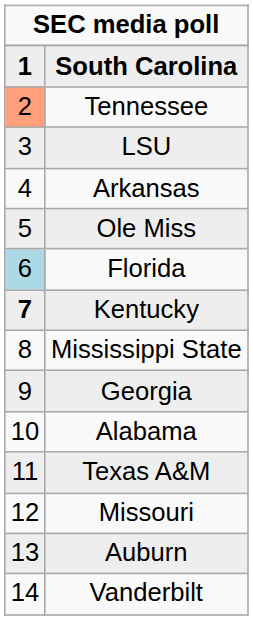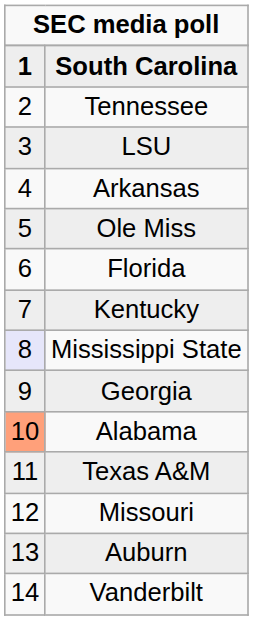 <table class="wikitable" style="display: inline-table;">
 <tr>
 <td align="center" Colspan="3"><strong>SEC media poll</strong></td>
 </tr>
 <tr align="center">
 </tr>
 <tr align="center" style="background:#eeeeee;">
 <td><strong>1</strong></td>
 <td><strong>South Carolina</strong></td>
 </tr>
 <tr align="center">
-<td style="background: lightsalmon;">2</td>
+<td>2</td>
 <td>Tennessee</td>
 </tr>
 <tr align="center" style="background:#eeeeee;">
 <td>3</td>
 <td>LSU</td>
 </tr>
 <tr align="center">
 <td>4</td>
 <td>Arkansas</td>
 </tr>
 <tr align="center" style="background:#eeeeee;">
 <td>5</td>
 <td>Ole Miss</td>
 </tr>
 <tr align="center">
-<td style="background: lightblue;">6</td>
+<td>6</td>
 <td>Florida</td>
 </tr>
 <tr align="center" style="background:#eeeeee;">
-<td><strong>7</strong></td>
+<td>7</td>
 <td>Kentucky</td>
 </tr>
 <tr align="center">
-<td>8</td>
+<td style="background: lavender;">8</td>
 <td>Mississippi State</td>
 </tr>
 <tr align="center" style="background:#eeeeee;">
 <td>9</td>
 <td>Georgia</td>
 </tr>
 <tr align="center">
-<td>10</td>
+<td style="background: lightsalmon;">10</td>
 <td>Alabama</td>
 </tr>
 <tr align="center" style="background:#eeeeee;">
 <td>11</td>
 <td>Texas A&M</td>
 </tr>
 <tr align="center">
 <td>12</td>
 <td>Missouri</td>
 </tr>
 <tr align="center" style="background:#eeeeee;">
 <td>13</td>
 <td>Auburn</td>
 </tr>
 <tr align="center">
 <td>14</td>
 <td>Vanderbilt</td>
 </tr>
 </table>
